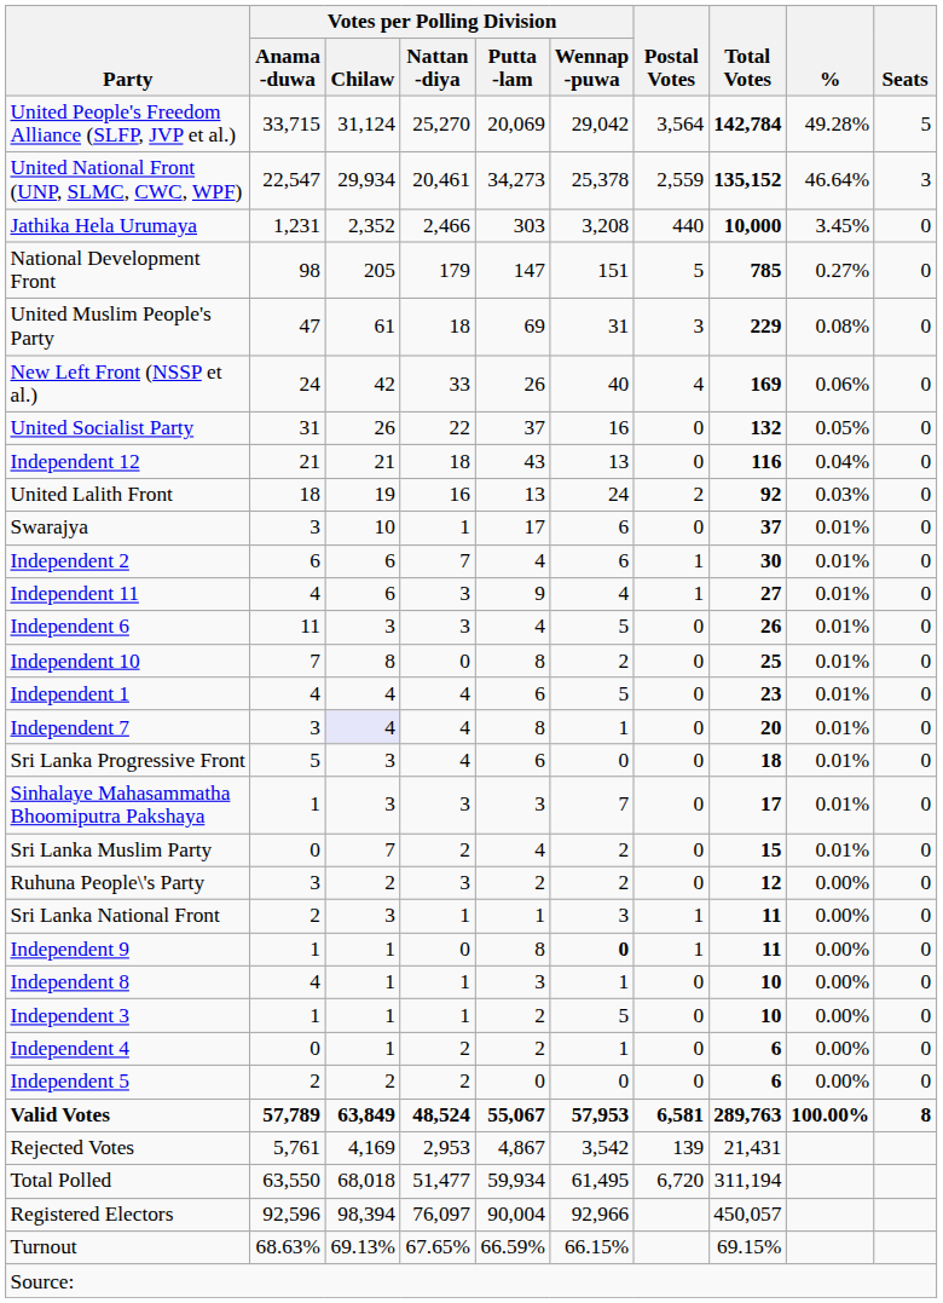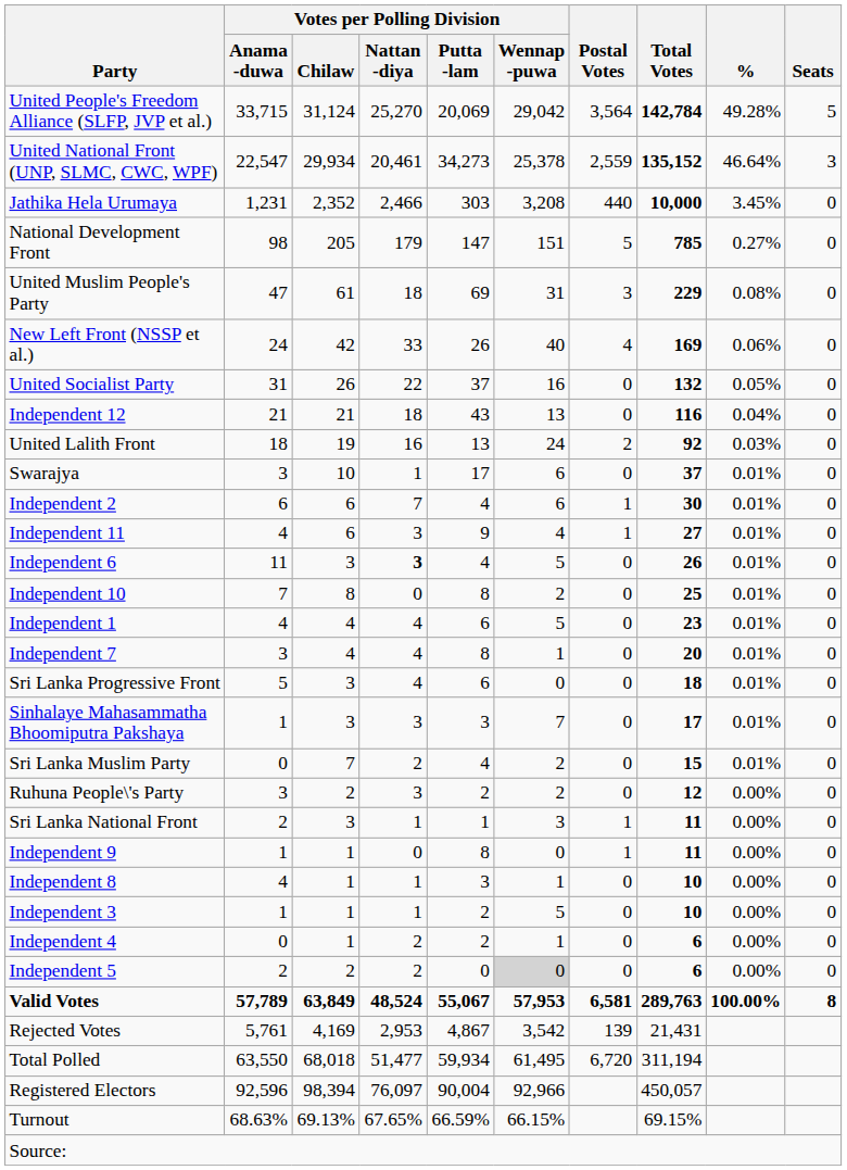 <table class="wikitable" border="1" style="text-align:right;">
 <tr>
 <th align=left valign=bottom rowspan=2 width="180">Party</th>
 <th colspan=5>Votes per Polling Division</th>
 <th align=center valign=bottom rowspan=2 width="50">Postal<br>Votes</th>
 <th align=center valign=bottom rowspan=2 width="50">Total Votes</th>
 <th align=center valign=bottom rowspan=2 width="50">%</th>
 <th align=center valign=bottom rowspan=2 width="40">Seats</th>
 </tr>
 <tr>
 <th align=center valign=bottom width="50">Anama<br>-duwa</th>
 <th align=center valign=bottom width="50">Chilaw</th>
 <th align=center valign=bottom width="50">Nattan<br>-diya</th>
 <th align=center valign=bottom width="50">Putta<br>-lam</th>
 <th align=center valign=bottom width="50">Wennap<br>-puwa</th>
 </tr>
 <tr>
 <td align=left><a href='#'>United People's Freedom Alliance</a> (<a href='#'>SLFP</a>, <a href='#'>JVP</a> et al.)</td>
 <td>33,715</td>
 <td>31,124</td>
 <td>25,270</td>
 <td>20,069</td>
 <td>29,042</td>
 <td>3,564</td>
 <td><strong>142,784</strong></td>
 <td>49.28%</td>
 <td>5</td>
 </tr>
 <tr>
 <td align=left><a href='#'>United National Front</a><br>(<a href='#'>UNP</a>, <a href='#'>SLMC</a>, <a href='#'>CWC</a>, <a href='#'>WPF</a>)</td>
 <td>22,547</td>
 <td>29,934</td>
 <td>20,461</td>
 <td>34,273</td>
 <td>25,378</td>
 <td>2,559</td>
 <td><strong>135,152</strong></td>
 <td>46.64%</td>
 <td>3</td>
 </tr>
 <tr>
 <td align=left><a href='#'>Jathika Hela Urumaya</a></td>
 <td>1,231</td>
 <td>2,352</td>
 <td>2,466</td>
 <td>303</td>
 <td>3,208</td>
 <td>440</td>
 <td><strong>10,000</strong></td>
 <td>3.45%</td>
 <td>0</td>
 </tr>
 <tr>
 <td align=left>National Development Front</td>
 <td>98</td>
 <td>205</td>
 <td>179</td>
 <td>147</td>
 <td>151</td>
 <td>5</td>
 <td><strong>785</strong></td>
 <td>0.27%</td>
 <td>0</td>
 </tr>
 <tr>
 <td align=left>United Muslim People's Party</td>
 <td>47</td>
 <td>61</td>
 <td>18</td>
 <td>69</td>
 <td>31</td>
 <td>3</td>
 <td><strong>229</strong></td>
 <td>0.08%</td>
 <td>0</td>
 </tr>
 <tr>
 <td align=left><a href='#'>New Left Front</a> (<a href='#'>NSSP</a> et al.)</td>
 <td>24</td>
 <td>42</td>
 <td>33</td>
 <td>26</td>
 <td>40</td>
 <td>4</td>
 <td><strong>169</strong></td>
 <td>0.06%</td>
 <td>0</td>
 </tr>
 <tr>
 <td align=left><a href='#'>United Socialist Party</a></td>
 <td>31</td>
 <td>26</td>
 <td>22</td>
 <td>37</td>
 <td>16</td>
 <td>0</td>
 <td><strong>132</strong></td>
 <td>0.05%</td>
 <td>0</td>
 </tr>
 <tr>
 <td align=left><a href='#'>Independent 12</a></td>
 <td>21</td>
 <td>21</td>
 <td>18</td>
 <td>43</td>
 <td>13</td>
 <td>0</td>
 <td><strong>116</strong></td>
 <td>0.04%</td>
 <td>0</td>
 </tr>
 <tr>
 <td align=left>United Lalith Front</td>
 <td>18</td>
 <td>19</td>
 <td>16</td>
 <td>13</td>
 <td>24</td>
 <td>2</td>
 <td><strong>92</strong></td>
 <td>0.03%</td>
 <td>0</td>
 </tr>
 <tr>
 <td align=left>Swarajya</td>
 <td>3</td>
 <td>10</td>
 <td>1</td>
 <td>17</td>
 <td>6</td>
 <td>0</td>
 <td><strong>37</strong></td>
 <td>0.01%</td>
 <td>0</td>
 </tr>
 <tr>
 <td align=left><a href='#'>Independent 2</a></td>
 <td>6</td>
 <td>6</td>
 <td>7</td>
 <td>4</td>
 <td>6</td>
 <td>1</td>
 <td><strong>30</strong></td>
 <td>0.01%</td>
 <td>0</td>
 </tr>
 <tr>
 <td align=left><a href='#'>Independent 11</a></td>
 <td>4</td>
 <td>6</td>
 <td>3</td>
 <td>9</td>
 <td>4</td>
 <td>1</td>
 <td><strong>27</strong></td>
 <td>0.01%</td>
 <td>0</td>
 </tr>
 <tr>
 <td align=left><a href='#'>Independent 6</a></td>
 <td>11</td>
 <td>3</td>
-<td>3</td>
+<td><strong>3</strong></td>
 <td>4</td>
 <td>5</td>
 <td>0</td>
 <td><strong>26</strong></td>
 <td>0.01%</td>
 <td>0</td>
 </tr>
 <tr>
 <td align=left><a href='#'>Independent 10</a></td>
 <td>7</td>
 <td>8</td>
 <td>0</td>
 <td>8</td>
 <td>2</td>
 <td>0</td>
 <td><strong>25</strong></td>
 <td>0.01%</td>
 <td>0</td>
 </tr>
 <tr>
 <td align=left><a href='#'>Independent 1</a></td>
 <td>4</td>
 <td>4</td>
 <td>4</td>
 <td>6</td>
 <td>5</td>
 <td>0</td>
 <td><strong>23</strong></td>
 <td>0.01%</td>
 <td>0</td>
 </tr>
 <tr>
 <td align=left><a href='#'>Independent 7</a></td>
 <td>3</td>
-<td style="background: lavender;">4</td>
+<td>4</td>
 <td>4</td>
 <td>8</td>
 <td>1</td>
 <td>0</td>
 <td><strong>20</strong></td>
 <td>0.01%</td>
 <td>0</td>
 </tr>
 <tr>
 <td align=left>Sri Lanka Progressive Front</td>
 <td>5</td>
 <td>3</td>
 <td>4</td>
 <td>6</td>
 <td>0</td>
 <td>0</td>
 <td><strong>18</strong></td>
 <td>0.01%</td>
 <td>0</td>
 </tr>
 <tr>
 <td align=left><a href='#'>Sinhalaye Mahasammatha Bhoomiputra Pakshaya</a></td>
 <td>1</td>
 <td>3</td>
 <td>3</td>
 <td>3</td>
 <td>7</td>
 <td>0</td>
 <td><strong>17</strong></td>
 <td>0.01%</td>
 <td>0</td>
 </tr>
 <tr>
 <td align=left>Sri Lanka Muslim Party</td>
 <td>0</td>
 <td>7</td>
 <td>2</td>
 <td>4</td>
 <td>2</td>
 <td>0</td>
 <td><strong>15</strong></td>
 <td>0.01%</td>
 <td>0</td>
 </tr>
 <tr>
 <td align=left>Ruhuna People\'s Party</td>
 <td>3</td>
 <td>2</td>
 <td>3</td>
 <td>2</td>
 <td>2</td>
 <td>0</td>
 <td><strong>12</strong></td>
 <td>0.00%</td>
 <td>0</td>
 </tr>
 <tr>
 <td align=left>Sri Lanka National Front</td>
 <td>2</td>
 <td>3</td>
 <td>1</td>
 <td>1</td>
 <td>3</td>
 <td>1</td>
 <td><strong>11</strong></td>
 <td>0.00%</td>
 <td>0</td>
 </tr>
 <tr>
 <td align=left><a href='#'>Independent 9</a></td>
 <td>1</td>
 <td>1</td>
 <td>0</td>
 <td>8</td>
-<td><strong>0</strong></td>
+<td>0</td>
 <td>1</td>
 <td><strong>11</strong></td>
 <td>0.00%</td>
 <td>0</td>
 </tr>
 <tr>
 <td align=left><a href='#'>Independent 8</a></td>
 <td>4</td>
 <td>1</td>
 <td>1</td>
 <td>3</td>
 <td>1</td>
 <td>0</td>
 <td><strong>10</strong></td>
 <td>0.00%</td>
 <td>0</td>
 </tr>
 <tr>
 <td align=left><a href='#'>Independent 3</a></td>
 <td>1</td>
 <td>1</td>
 <td>1</td>
 <td>2</td>
 <td>5</td>
 <td>0</td>
 <td><strong>10</strong></td>
 <td>0.00%</td>
 <td>0</td>
 </tr>
 <tr>
 <td align=left><a href='#'>Independent 4</a></td>
 <td>0</td>
 <td>1</td>
 <td>2</td>
 <td>2</td>
 <td>1</td>
 <td>0</td>
 <td><strong>6</strong></td>
 <td>0.00%</td>
 <td>0</td>
 </tr>
 <tr>
 <td align=left><a href='#'>Independent 5</a></td>
 <td>2</td>
 <td>2</td>
 <td>2</td>
 <td>0</td>
-<td>0</td>
+<td style="background: lightgrey;">0</td>
 <td>0</td>
 <td><strong>6</strong></td>
 <td>0.00%</td>
 <td>0</td>
 </tr>
 <tr>
 <td align=left><strong>Valid Votes</strong></td>
 <td><strong>57,789</strong></td>
 <td><strong>63,849</strong></td>
 <td><strong>48,524</strong></td>
 <td><strong>55,067</strong></td>
 <td><strong>57,953</strong></td>
 <td><strong>6,581</strong></td>
 <td><strong>289,763</strong></td>
 <td><strong>100.00%</strong></td>
 <td><strong>8</strong></td>
 </tr>
 <tr>
 <td align=left>Rejected Votes</td>
 <td>5,761</td>
 <td>4,169</td>
 <td>2,953</td>
 <td>4,867</td>
 <td>3,542</td>
 <td>139</td>
 <td>21,431</td>
 <td></td>
 <td></td>
 </tr>
 <tr>
 <td align=left>Total Polled</td>
 <td>63,550</td>
 <td>68,018</td>
 <td>51,477</td>
 <td>59,934</td>
 <td>61,495</td>
 <td>6,720</td>
 <td>311,194</td>
 <td></td>
 <td></td>
 </tr>
 <tr>
 <td align=left>Registered Electors</td>
 <td>92,596</td>
 <td>98,394</td>
 <td>76,097</td>
 <td>90,004</td>
 <td>92,966</td>
 <td></td>
 <td>450,057</td>
 <td></td>
 <td></td>
 </tr>
 <tr>
 <td align=left>Turnout</td>
 <td>68.63%</td>
 <td>69.13%</td>
 <td>67.65%</td>
 <td>66.59%</td>
 <td>66.15%</td>
 <td></td>
 <td>69.15%</td>
 <td></td>
 <td></td>
 </tr>
 <tr>
 <td align=left colspan=11>Source:</td>
 </tr>
 </table>
